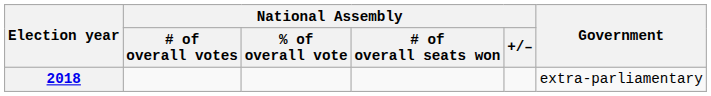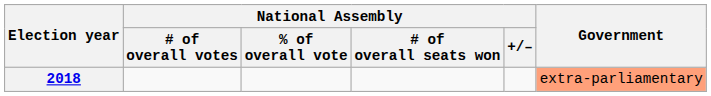 <table class=wikitable>
 <tr>
 <th rowspan=2>Election year</th>
 <th colspan=4>National Assembly</th>
 <th rowspan=2>Government</th>
 </tr>
 <tr>
 <th># of<br>overall votes</th>
 <th>% of<br>overall vote</th>
 <th># of<br>overall seats won</th>
 <th>+/–</th>
 </tr>
 <tr>
 <th><a href='#'>2018</a></th>
 <td></td>
 <td></td>
 <td></td>
 <td></td>
-<td>extra-parliamentary</td>
+<td style="background: lightsalmon;">extra-parliamentary</td>
 </tr>
 </table>
